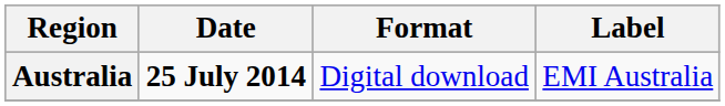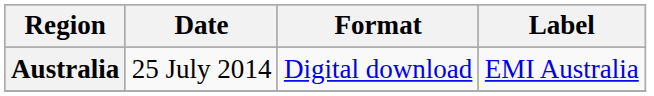 <table class="wikitable plainrowheaders">
 <tr>
 <th>Region</th>
 <th>Date</th>
 <th>Format</th>
 <th>Label</th>
 </tr>
 <tr>
 <th scope="row">Australia</th>
-<td><strong>25 July 2014</strong></td>
+<td>25 July 2014</td>
 <td><a href='#'>Digital download</a></td>
 <td><a href='#'>EMI Australia</a></td>
 </tr>
 <tr>
 </tr>
 </table>
